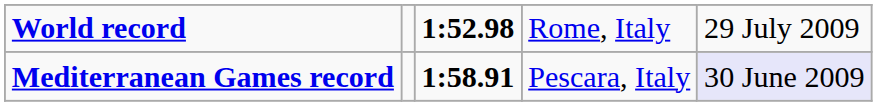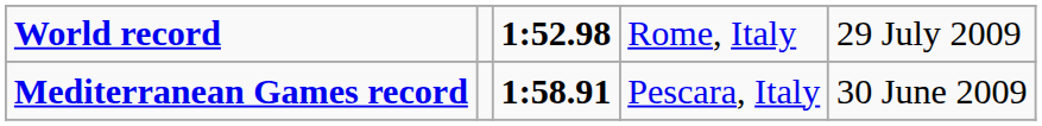 <table class="wikitable">
 <tr>
 <td><strong><a href='#'>World record</a></strong></td>
 <td></td>
 <td><strong>1:52.98</strong></td>
 <td><a href='#'>Rome</a>, <a href='#'>Italy</a></td>
 <td>29 July 2009</td>
 </tr>
 <tr>
 <td><strong><a href='#'>Mediterranean Games record</a></strong></td>
 <td></td>
 <td><strong>1:58.91</strong></td>
 <td><a href='#'>Pescara</a>, <a href='#'>Italy</a></td>
-<td style="background: lavender;">30 June 2009</td>
+<td>30 June 2009</td>
 </tr>
 </table>
